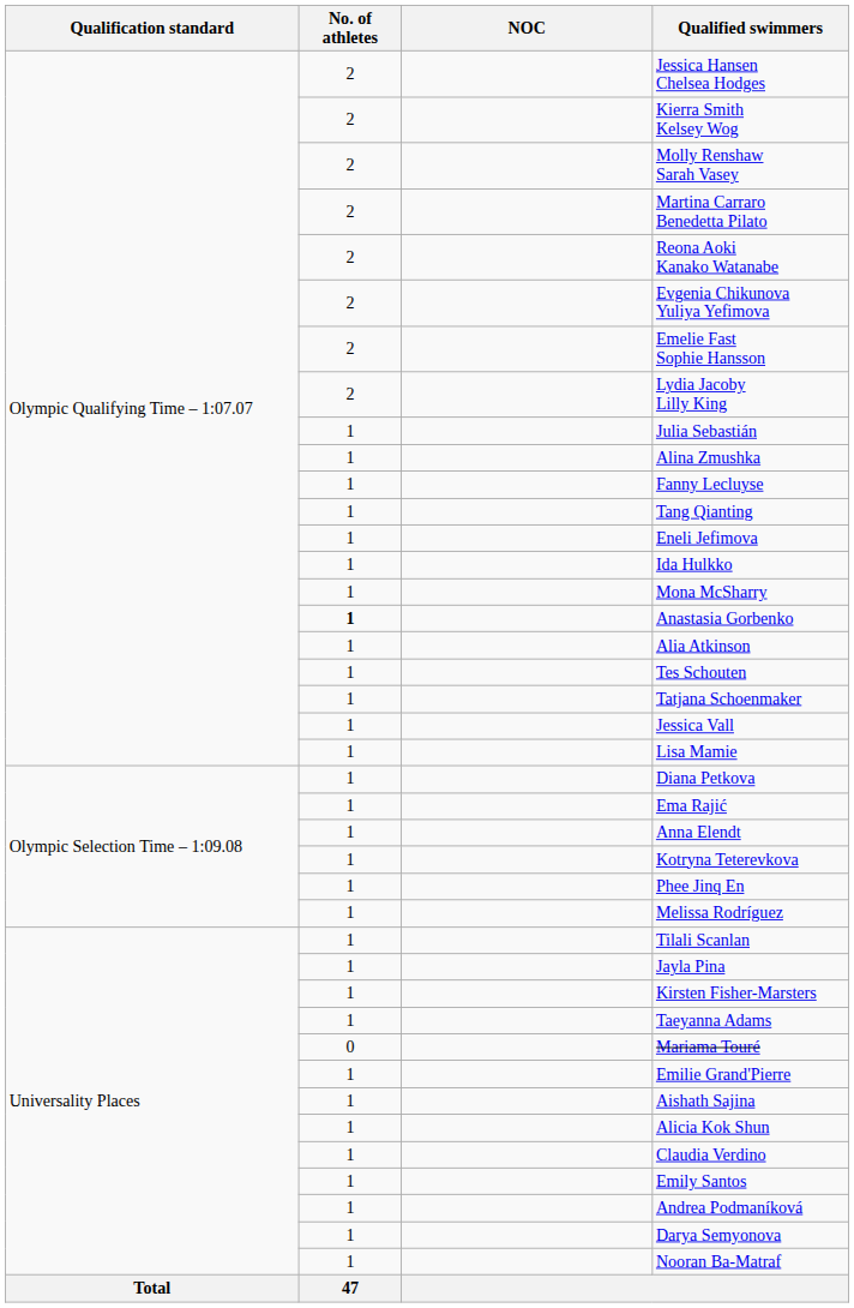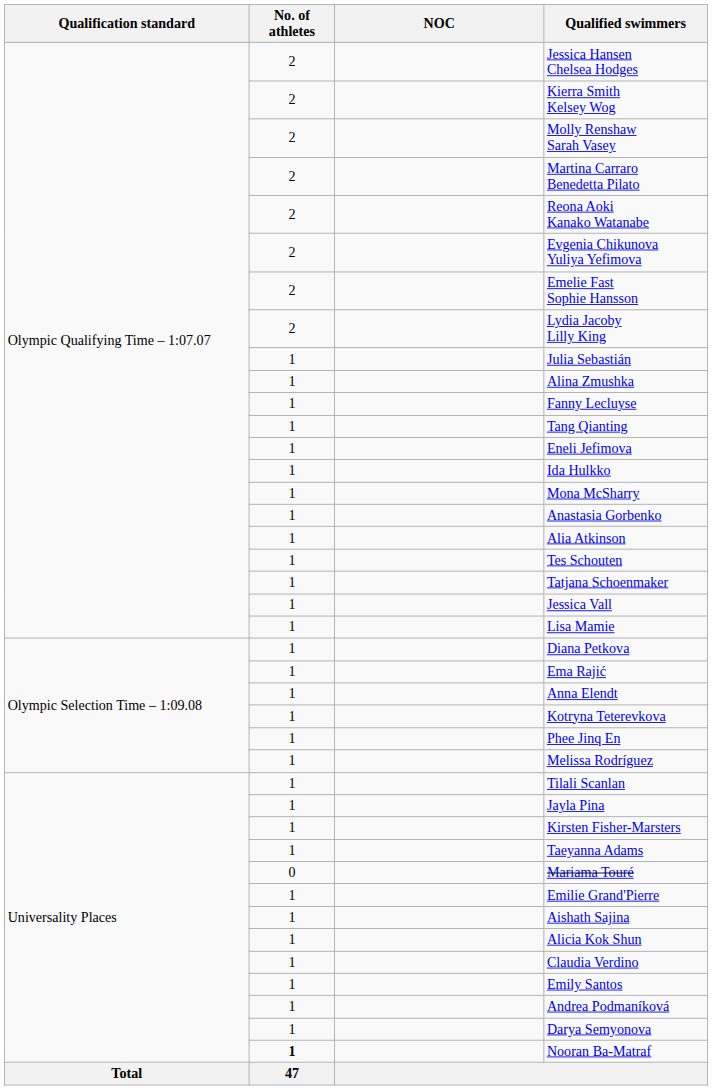 <table class=wikitable style="text-align:left" width=800>
 <tr>
 <th>Qualification standard</th>
 <th width=90>No. of athletes</th>
 <th width=230>NOC</th>
 <th>Qualified swimmers</th>
 </tr>
 <tr>
 <td rowspan=21>Olympic Qualifying Time – 1:07.07</td>
 <td align=center>2</td>
 <td></td>
 <td><a href='#'>Jessica Hansen</a><br><a href='#'>Chelsea Hodges</a></td>
 </tr>
 <tr>
 <td align=center>2</td>
 <td></td>
 <td><a href='#'>Kierra Smith</a><br><a href='#'>Kelsey Wog</a></td>
 </tr>
 <tr>
 <td align=center>2</td>
 <td></td>
 <td><a href='#'>Molly Renshaw</a><br><a href='#'>Sarah Vasey</a></td>
 </tr>
 <tr>
 <td align=center>2</td>
 <td></td>
 <td><a href='#'>Martina Carraro</a><br><a href='#'>Benedetta Pilato</a></td>
 </tr>
 <tr>
 <td align=center>2</td>
 <td></td>
 <td><a href='#'>Reona Aoki</a><br><a href='#'>Kanako Watanabe</a></td>
 </tr>
 <tr>
 <td align=center>2</td>
 <td></td>
 <td><a href='#'>Evgenia Chikunova</a><br><a href='#'>Yuliya Yefimova</a></td>
 </tr>
 <tr>
 <td align=center>2</td>
 <td></td>
 <td><a href='#'>Emelie Fast</a><br><a href='#'>Sophie Hansson</a></td>
 </tr>
 <tr>
 <td align=center>2</td>
 <td></td>
 <td><a href='#'>Lydia Jacoby</a><br><a href='#'>Lilly King</a></td>
 </tr>
 <tr>
 <td align=center>1</td>
 <td></td>
 <td><a href='#'>Julia Sebastián</a></td>
 </tr>
 <tr>
 <td align=center>1</td>
 <td></td>
 <td><a href='#'>Alina Zmushka</a></td>
 </tr>
 <tr>
 <td align=center>1</td>
 <td></td>
 <td><a href='#'>Fanny Lecluyse</a></td>
 </tr>
 <tr>
 <td align=center>1</td>
 <td></td>
 <td><a href='#'>Tang Qianting</a></td>
 </tr>
 <tr>
 <td align=center>1</td>
 <td></td>
 <td><a href='#'>Eneli Jefimova</a></td>
 </tr>
 <tr>
 <td align=center>1</td>
 <td></td>
 <td><a href='#'>Ida Hulkko</a></td>
 </tr>
 <tr>
 <td align=center>1</td>
 <td></td>
 <td><a href='#'>Mona McSharry</a></td>
 </tr>
 <tr>
-<td align=center><strong>1</strong></td>
+<td align=center>1</td>
 <td></td>
 <td><a href='#'>Anastasia Gorbenko</a></td>
 </tr>
 <tr>
 <td align=center>1</td>
 <td></td>
 <td><a href='#'>Alia Atkinson</a></td>
 </tr>
 <tr>
 <td align=center>1</td>
 <td></td>
 <td><a href='#'>Tes Schouten</a></td>
 </tr>
 <tr>
 <td align=center>1</td>
 <td></td>
 <td><a href='#'>Tatjana Schoenmaker</a></td>
 </tr>
 <tr>
 <td align=center>1</td>
 <td></td>
 <td><a href='#'>Jessica Vall</a></td>
 </tr>
 <tr>
 <td align=center>1</td>
 <td></td>
 <td><a href='#'>Lisa Mamie</a></td>
 </tr>
 <tr>
 <td rowspan=6>Olympic Selection Time – 1:09.08</td>
 <td align=center>1</td>
 <td></td>
 <td><a href='#'>Diana Petkova</a></td>
 </tr>
 <tr>
 <td align=center>1</td>
 <td></td>
 <td><a href='#'>Ema Rajić</a></td>
 </tr>
 <tr>
 <td align=center>1</td>
 <td></td>
 <td><a href='#'>Anna Elendt</a></td>
 </tr>
 <tr>
 <td align=center>1</td>
 <td></td>
 <td><a href='#'>Kotryna Teterevkova</a></td>
 </tr>
 <tr>
 <td align=center>1</td>
 <td></td>
 <td><a href='#'>Phee Jinq En</a></td>
 </tr>
 <tr>
 <td align=center>1</td>
 <td></td>
 <td><a href='#'>Melissa Rodríguez</a></td>
 </tr>
 <tr>
 <td rowspan=13>Universality Places</td>
 <td align=center>1</td>
 <td></td>
 <td><a href='#'>Tilali Scanlan</a></td>
 </tr>
 <tr>
 <td align=center>1</td>
 <td></td>
 <td><a href='#'>Jayla Pina</a></td>
 </tr>
 <tr>
 <td align=center>1</td>
 <td></td>
 <td><a href='#'>Kirsten Fisher-Marsters</a></td>
 </tr>
 <tr>
 <td align=center>1</td>
 <td></td>
 <td><a href='#'>Taeyanna Adams</a></td>
 </tr>
 <tr>
 <td align=center>0</td>
 <td><s></s></td>
 <td><s><a href='#'>Mariama Touré</a></s></td>
 </tr>
 <tr>
 <td align=center>1</td>
 <td></td>
 <td><a href='#'>Emilie Grand'Pierre</a></td>
 </tr>
 <tr>
 <td align=center>1</td>
 <td></td>
 <td><a href='#'>Aishath Sajina</a></td>
 </tr>
 <tr>
 <td align=center>1</td>
 <td></td>
 <td><a href='#'>Alicia Kok Shun</a></td>
 </tr>
 <tr>
 <td align=center>1</td>
 <td></td>
 <td><a href='#'>Claudia Verdino</a></td>
 </tr>
 <tr>
 <td align=center>1</td>
 <td></td>
 <td><a href='#'>Emily Santos</a></td>
 </tr>
 <tr>
 <td align=center>1</td>
 <td></td>
 <td><a href='#'>Andrea Podmaníková</a></td>
 </tr>
 <tr>
 <td align=center>1</td>
 <td></td>
 <td><a href='#'>Darya Semyonova</a></td>
 </tr>
 <tr>
-<td align=center>1</td>
+<td align=center><strong>1</strong></td>
 <td></td>
 <td><a href='#'>Nooran Ba-Matraf</a></td>
 </tr>
 <tr>
 <th><strong>Total</strong></th>
 <th>47</th>
 <th colspan=2></th>
 </tr>
 </table>
